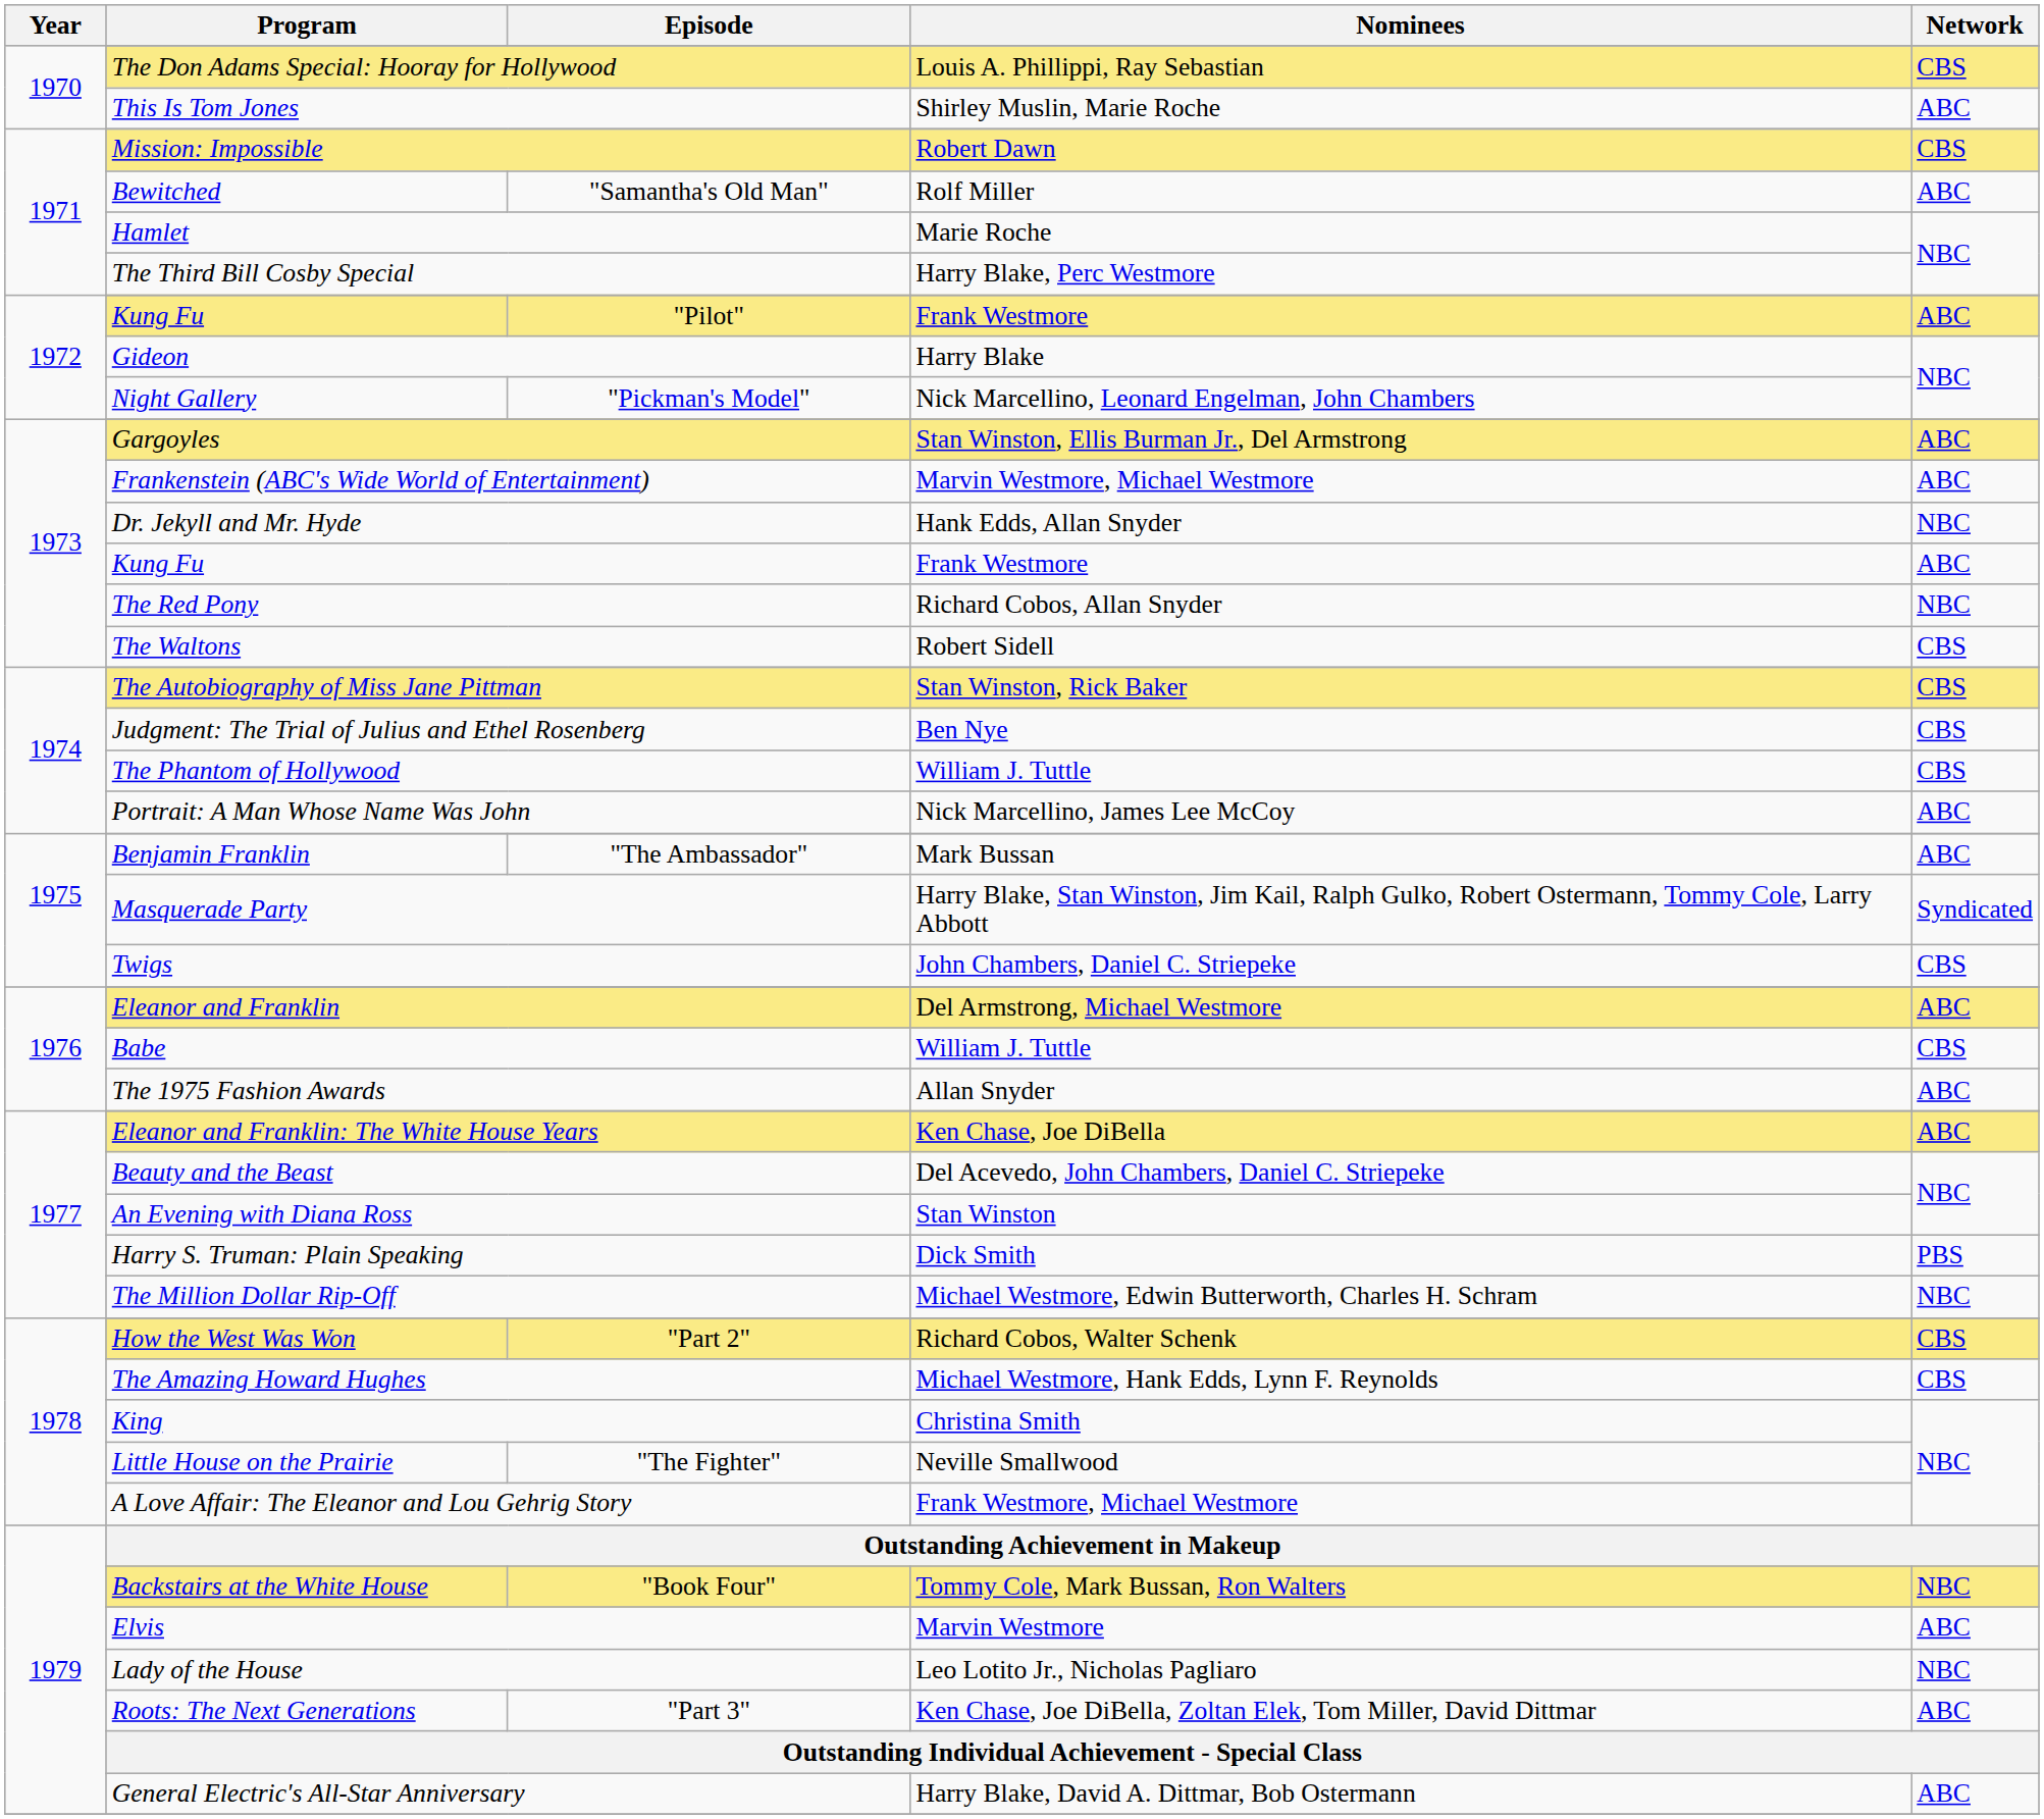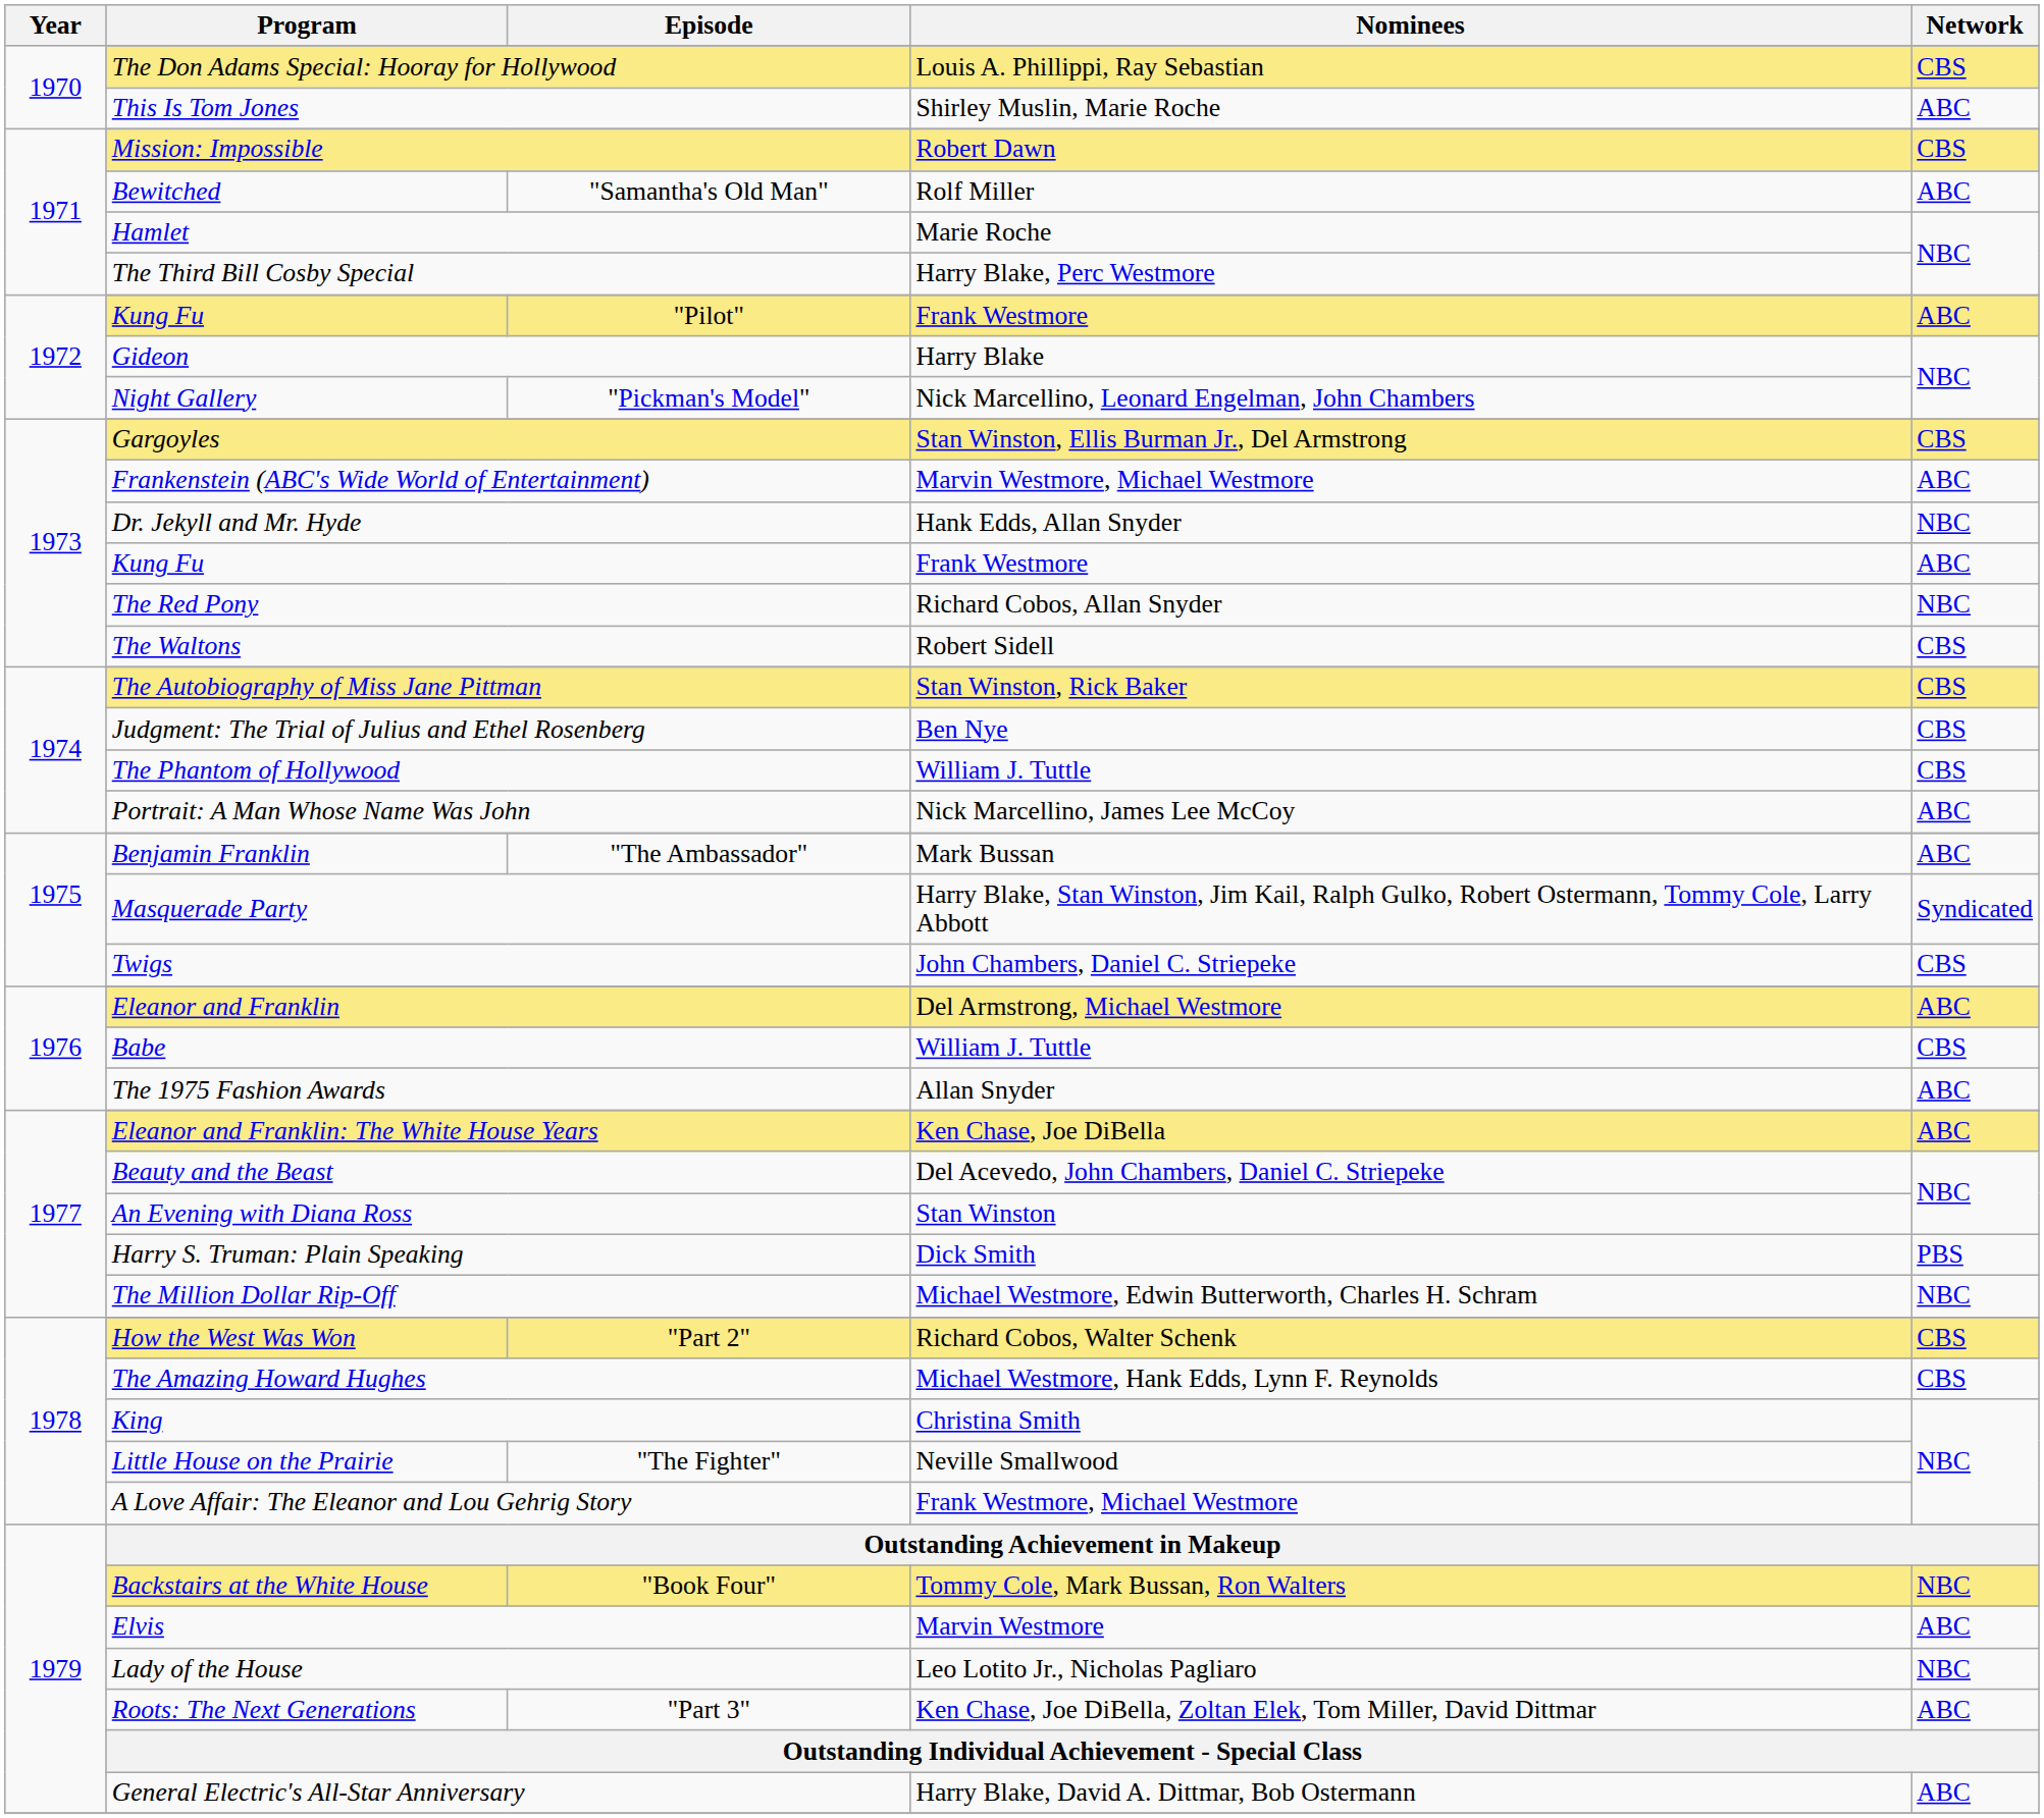 <table class="wikitable">
 <tr>
 <th width="5%">Year</th>
 <th width="20%">Program</th>
 <th width="20%">Episode</th>
 <th width="50%">Nominees</th>
 <th width="5%">Network</th>
 </tr>
 <tr>
 <td rowspan="3" style="text-align:center;"><a href='#'>1970</a><br></td>
 </tr>
 <tr style="background:#FAEB86;">
 <td colspan=2><em>The Don Adams Special: Hooray for Hollywood</em></td>
 <td>Louis A. Phillippi, Ray Sebastian</td>
 <td><a href='#'>CBS</a></td>
 </tr>
 <tr>
 <td colspan=2><em><a href='#'>This Is Tom Jones</a></em></td>
 <td>Shirley Muslin, Marie Roche</td>
 <td><a href='#'>ABC</a></td>
 </tr>
 <tr>
 <td rowspan="5" style="text-align:center;"><a href='#'>1971</a><br></td>
 </tr>
 <tr style="background:#FAEB86;">
 <td colspan=2><em><a href='#'>Mission: Impossible</a></em></td>
 <td><a href='#'>Robert Dawn</a></td>
 <td><a href='#'>CBS</a></td>
 </tr>
 <tr>
 <td><em><a href='#'>Bewitched</a></em></td>
 <td align=center>"Samantha's Old Man"</td>
 <td>Rolf Miller</td>
 <td><a href='#'>ABC</a></td>
 </tr>
 <tr>
 <td colspan=2><em><a href='#'>Hamlet</a></em></td>
 <td>Marie Roche</td>
 <td rowspan=2><a href='#'>NBC</a></td>
 </tr>
 <tr>
 <td colspan=2><em>The Third Bill Cosby Special</em></td>
 <td>Harry Blake, <a href='#'>Perc Westmore</a></td>
 </tr>
 <tr>
 <td rowspan="4" style="text-align:center;"><a href='#'>1972</a><br></td>
 </tr>
 <tr style="background:#FAEB86;">
 <td><em><a href='#'>Kung Fu</a></em></td>
 <td align=center>"Pilot"</td>
 <td><a href='#'>Frank Westmore</a></td>
 <td><a href='#'>ABC</a></td>
 </tr>
 <tr>
 <td colspan=2><em><a href='#'>Gideon</a></em></td>
 <td>Harry Blake</td>
 <td rowspan=2><a href='#'>NBC</a></td>
 </tr>
 <tr>
 <td><em><a href='#'>Night Gallery</a></em></td>
 <td align=center>"<a href='#'>Pickman's Model</a>"</td>
 <td>Nick Marcellino, <a href='#'>Leonard Engelman</a>, <a href='#'>John Chambers</a></td>
 </tr>
 <tr>
 <td rowspan="7" style="text-align:center;"><a href='#'>1973</a><br></td>
 </tr>
 <tr style="background:#FAEB86;">
 <td colspan=2><em>Gargoyles</em></td>
 <td><a href='#'>Stan Winston</a>, <a href='#'>Ellis Burman Jr.</a>, Del Armstrong</td>
-<td><a href='#'>ABC</a></td>
+<td><a href='#'>CBS</a></td>
 </tr>
 <tr>
 <td colspan=2><em><a href='#'>Frankenstein</a> (<a href='#'>ABC's Wide World of Entertainment</a>)</em></td>
 <td><a href='#'>Marvin Westmore</a>, <a href='#'>Michael Westmore</a></td>
 <td><a href='#'>ABC</a></td>
 </tr>
 <tr>
 <td colspan=2><em>Dr. Jekyll and Mr. Hyde</em></td>
 <td>Hank Edds, Allan Snyder</td>
 <td><a href='#'>NBC</a></td>
 </tr>
 <tr>
 <td colspan=2><em><a href='#'>Kung Fu</a></em></td>
 <td><a href='#'>Frank Westmore</a></td>
 <td><a href='#'>ABC</a></td>
 </tr>
 <tr>
 <td colspan=2><em><a href='#'>The Red Pony</a></em></td>
 <td>Richard Cobos, Allan Snyder</td>
 <td><a href='#'>NBC</a></td>
 </tr>
 <tr>
 <td colspan=2><em><a href='#'>The Waltons</a></em></td>
 <td>Robert Sidell</td>
 <td><a href='#'>CBS</a></td>
 </tr>
 <tr>
 <td rowspan="5" style="text-align:center;"><a href='#'>1974</a><br></td>
 </tr>
 <tr style="background:#FAEB86;">
 <td colspan=2><em><a href='#'>The Autobiography of Miss Jane Pittman</a></em></td>
 <td><a href='#'>Stan Winston</a>, <a href='#'>Rick Baker</a></td>
 <td><a href='#'>CBS</a></td>
 </tr>
 <tr>
 <td colspan=2><em>Judgment: The Trial of Julius and Ethel Rosenberg</em></td>
 <td><a href='#'>Ben Nye</a></td>
 <td><a href='#'>CBS</a></td>
 </tr>
 <tr>
 <td colspan=2><em><a href='#'>The Phantom of Hollywood</a></em></td>
 <td><a href='#'>William J. Tuttle</a></td>
 <td><a href='#'>CBS</a></td>
 </tr>
 <tr>
 <td colspan=2><em>Portrait: A Man Whose Name Was John</em></td>
 <td>Nick Marcellino, James Lee McCoy</td>
 <td><a href='#'>ABC</a></td>
 </tr>
 <tr>
 <td rowspan="4" style="text-align:center;"><a href='#'>1975</a><br><br></td>
 </tr>
 <tr>
 <td><em><a href='#'>Benjamin Franklin</a></em></td>
 <td align=center>"The Ambassador"</td>
 <td>Mark Bussan</td>
 <td><a href='#'>ABC</a></td>
 </tr>
 <tr>
 <td colspan=2><em><a href='#'>Masquerade Party</a></em></td>
 <td>Harry Blake, <a href='#'>Stan Winston</a>, Jim Kail, Ralph Gulko, Robert Ostermann, <a href='#'>Tommy Cole</a>, Larry Abbott</td>
 <td><a href='#'>Syndicated</a></td>
 </tr>
 <tr>
 <td colspan=2><em><a href='#'>Twigs</a></em></td>
 <td><a href='#'>John Chambers</a>, <a href='#'>Daniel C. Striepeke</a></td>
 <td><a href='#'>CBS</a></td>
 </tr>
 <tr>
 <td rowspan="4" style="text-align:center;"><a href='#'>1976</a><br></td>
 </tr>
 <tr style="background:#FAEB86;">
 <td colspan=2><em><a href='#'>Eleanor and Franklin</a></em></td>
 <td>Del Armstrong, <a href='#'>Michael Westmore</a></td>
 <td><a href='#'>ABC</a></td>
 </tr>
 <tr>
 <td colspan=2><em><a href='#'>Babe</a></em></td>
 <td><a href='#'>William J. Tuttle</a></td>
 <td><a href='#'>CBS</a></td>
 </tr>
 <tr>
 <td colspan=2><em>The 1975 Fashion Awards</em></td>
 <td>Allan Snyder</td>
 <td><a href='#'>ABC</a></td>
 </tr>
 <tr>
 <td rowspan="6" style="text-align:center;"><a href='#'>1977</a><br></td>
 </tr>
 <tr style="background:#FAEB86;">
 <td colspan=2><em><a href='#'>Eleanor and Franklin: The White House Years</a></em></td>
 <td><a href='#'>Ken Chase</a>, Joe DiBella</td>
 <td><a href='#'>ABC</a></td>
 </tr>
 <tr>
 <td colspan=2><em><a href='#'>Beauty and the Beast</a></em></td>
 <td>Del Acevedo, <a href='#'>John Chambers</a>, <a href='#'>Daniel C. Striepeke</a></td>
 <td rowspan=2><a href='#'>NBC</a></td>
 </tr>
 <tr>
 <td colspan=2><em><a href='#'>An Evening with Diana Ross</a></em></td>
 <td><a href='#'>Stan Winston</a></td>
 </tr>
 <tr>
 <td colspan=2><em>Harry S. Truman: Plain Speaking</em></td>
 <td><a href='#'>Dick Smith</a></td>
 <td><a href='#'>PBS</a></td>
 </tr>
 <tr>
 <td colspan=2><em><a href='#'>The Million Dollar Rip-Off</a></em></td>
 <td><a href='#'>Michael Westmore</a>, Edwin Butterworth, Charles H. Schram</td>
 <td><a href='#'>NBC</a></td>
 </tr>
 <tr>
 <td rowspan="6" style="text-align:center;"><a href='#'>1978</a><br></td>
 </tr>
 <tr style="background:#FAEB86;">
 <td><em><a href='#'>How the West Was Won</a></em></td>
 <td align=center>"Part 2"</td>
 <td>Richard Cobos, Walter Schenk</td>
 <td><a href='#'>CBS</a></td>
 </tr>
 <tr>
 <td colspan=2><em><a href='#'>The Amazing Howard Hughes</a></em></td>
 <td><a href='#'>Michael Westmore</a>, Hank Edds, Lynn F. Reynolds</td>
 <td><a href='#'>CBS</a></td>
 </tr>
 <tr>
 <td colspan=2><em><a href='#'>King</a></em></td>
 <td><a href='#'>Christina Smith</a></td>
 <td rowspan=3><a href='#'>NBC</a></td>
 </tr>
 <tr>
 <td><em><a href='#'>Little House on the Prairie</a></em></td>
 <td align=center>"The Fighter"</td>
 <td>Neville Smallwood</td>
 </tr>
 <tr>
 <td colspan=2><em>A Love Affair: The Eleanor and Lou Gehrig Story</em></td>
 <td><a href='#'>Frank Westmore</a>, <a href='#'>Michael Westmore</a></td>
 </tr>
 <tr>
 <td rowspan=7 style="text-align:center"><a href='#'>1979</a></td>
 <th colspan="4">Outstanding Achievement in Makeup</th>
 </tr>
 <tr style="background:#FAEB86;">
 <td><em><a href='#'>Backstairs at the White House</a></em></td>
 <td align=center>"Book Four"</td>
 <td><a href='#'>Tommy Cole</a>, Mark Bussan, <a href='#'>Ron Walters</a></td>
 <td><a href='#'>NBC</a></td>
 </tr>
 <tr>
 <td colspan=2><em><a href='#'>Elvis</a></em></td>
 <td><a href='#'>Marvin Westmore</a></td>
 <td><a href='#'>ABC</a></td>
 </tr>
 <tr>
 <td colspan=2><em>Lady of the House</em></td>
 <td>Leo Lotito Jr., Nicholas Pagliaro</td>
 <td><a href='#'>NBC</a></td>
 </tr>
 <tr>
 <td><em><a href='#'>Roots: The Next Generations</a></em></td>
 <td align=center>"Part 3"</td>
 <td><a href='#'>Ken Chase</a>, Joe DiBella, <a href='#'>Zoltan Elek</a>, Tom Miller, David Dittmar</td>
 <td><a href='#'>ABC</a></td>
 </tr>
 <tr>
 <th colspan="4">Outstanding Individual Achievement - Special Class</th>
 </tr>
 <tr>
 <td colspan=2><em>General Electric's All-Star Anniversary</em></td>
 <td>Harry Blake, David A. Dittmar, Bob Ostermann</td>
 <td><a href='#'>ABC</a></td>
 </tr>
 <tr>
 </tr>
 </table>
